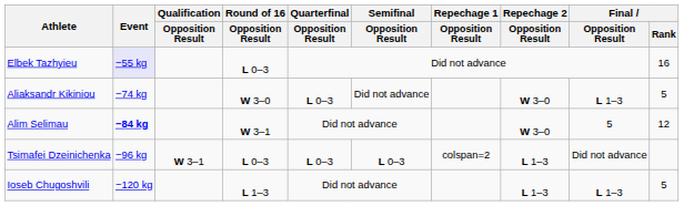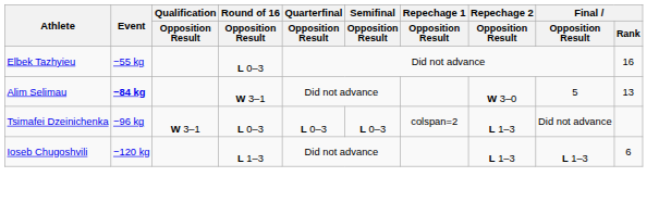 <table class="wikitable" style="font-size:90%">
 <tr>
 <th rowspan="2">Athlete</th>
 <th rowspan="2">Event</th>
 <th>Qualification</th>
 <th>Round of 16</th>
 <th>Quarterfinal</th>
 <th>Semifinal</th>
 <th>Repechage 1</th>
 <th>Repechage 2</th>
 <th colspan=2>Final / </th>
 </tr>
 <tr style="font-size: 95%">
 <th>Opposition<br>Result</th>
 <th>Opposition<br>Result</th>
 <th>Opposition<br>Result</th>
 <th>Opposition<br>Result</th>
 <th>Opposition<br>Result</th>
 <th>Opposition<br>Result</th>
 <th>Opposition<br>Result</th>
 <th>Rank</th>
 </tr>
 <tr align=center>
 <td align=left><a href='#'>Elbek Tazhyieu</a></td>
-<td align=left style="background: lavender;"><a href='#'>−55 kg</a></td>
+<td align=left><a href='#'>−55 kg</a></td>
 <td></td>
 <td><br><strong>L</strong> 0–3 <sup></sup></td>
 <td colspan=5>Did not advance</td>
 <td>16</td>
-</tr>
-<tr align=center>
-<td align=left><a href='#'>Aliaksandr Kikiniou</a></td>
-<td align=left><a href='#'>−74 kg</a></td>
-<td></td>
-<td><br><strong>W</strong> 3–0 <sup></sup></td>
-<td><br><strong>L</strong> 0–3 <sup></sup></td>
-<td>Did not advance</td>
-<td></td>
-<td><br><strong>W</strong> 3–0 <sup></sup></td>
-<td><br><strong>L</strong> 1–3 <sup></sup></td>
-<td>5</td>
 </tr>
 <tr align=center>
 <td align=left><a href='#'>Alim Selimau</a></td>
 <td align=left><strong><a href='#'>−84 kg</a></strong></td>
 <td></td>
 <td><br><strong>W</strong> 3–1 <sup></sup></td>
 <td colspan=2>Did not advance</td>
 <td></td>
 <td><br><strong>W</strong> 3–0 <sup></sup></td>
 <td>5</td>
-<td>12</td>
+<td>13</td>
 </tr>
 <tr align=center>
 <td align=left><a href='#'>Tsimafei Dzeinichenka</a></td>
 <td align=left><a href='#'>−96 kg</a></td>
 <td><br><strong>W</strong> 3–1 <sup></sup></td>
 <td><br><strong>L</strong> 0–3 <sup></sup></td>
 <td><br><strong>L</strong> 0–3 <sup></sup></td>
 <td><br><strong>L</strong> 0–3 <sup></sup></td>
 <td>colspan=2 </td>
 <td><br><strong>L</strong> 1–3 <sup></sup></td>
 <td>Did not advance</td>
 </tr>
 <tr align=center>
 <td align=left><a href='#'>Ioseb Chugoshvili</a></td>
 <td align=left><a href='#'>−120 kg</a></td>
 <td></td>
 <td><br><strong>L</strong> 1–3 <sup></sup></td>
 <td colspan=2>Did not advance</td>
 <td></td>
 <td><br><strong>L</strong> 1–3 <sup></sup></td>
 <td><br><strong>L</strong> 1–3 <sup></sup></td>
-<td>5</td>
+<td>6</td>
 </tr>
 </table>
